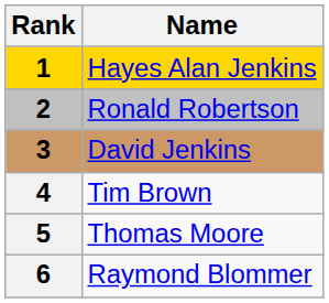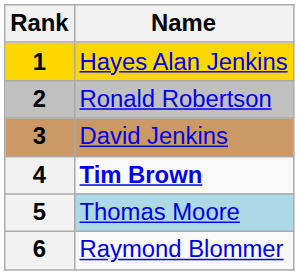 <table class="wikitable">
 <tr>
 <th>Rank</th>
 <th>Name</th>
 </tr>
 <tr bgcolor="gold">
 <td align="center"><strong>1</strong></td>
 <td><a href='#'>Hayes Alan Jenkins</a></td>
 </tr>
 <tr bgcolor="silver">
 <td align="center"><strong>2</strong></td>
 <td><a href='#'>Ronald Robertson</a></td>
 </tr>
 <tr bgcolor="cc9966">
 <td align="center"><strong>3</strong></td>
 <td><a href='#'>David Jenkins</a></td>
 </tr>
 <tr>
 <th>4</th>
-<td><a href='#'>Tim Brown</a></td>
+<td><strong><a href='#'>Tim Brown</a></strong></td>
 </tr>
 <tr>
 <th>5</th>
-<td><a href='#'>Thomas Moore</a></td>
+<td style="background: lightblue;"><a href='#'>Thomas Moore</a></td>
 </tr>
 <tr>
 <th>6</th>
 <td><a href='#'>Raymond Blommer</a></td>
 </tr>
 </table>
